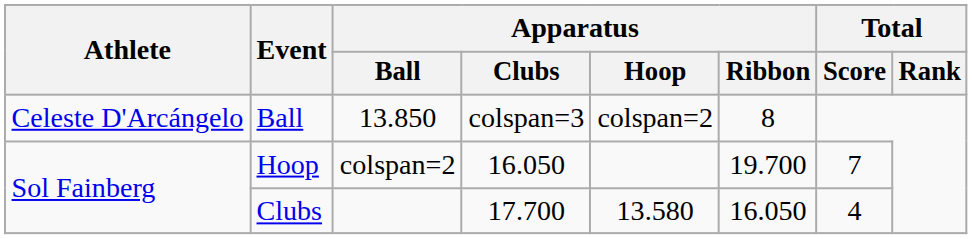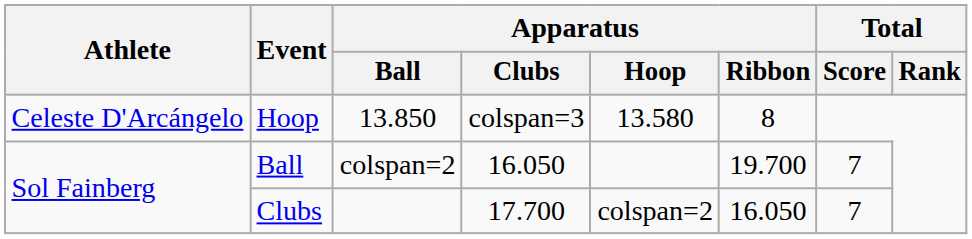 <table class="wikitable" style="font-size:90%;text-align:center">
 <tr>
 <th rowspan=2>Athlete</th>
 <th rowspan=2>Event</th>
 <th colspan=4>Apparatus</th>
 <th colspan=2>Total</th>
 </tr>
 <tr style=font-size:95%>
 <th>Ball</th>
 <th>Clubs</th>
 <th>Hoop</th>
 <th>Ribbon</th>
 <th>Score</th>
 <th>Rank</th>
 </tr>
 <tr>
 <td style="text-align:left"><a href='#'>Celeste D'Arcángelo</a></td>
-<td style="text-align:left"><a href='#'>Ball</a></td>
+<td style="text-align:left"><a href='#'>Hoop</a></td>
 <td>13.850</td>
 <td>colspan=3 </td>
-<td>colspan=2 </td>
+<td>13.580</td>
 <td>8</td>
 </tr>
 <tr>
 <td style="text-align:left" rowspan=2><a href='#'>Sol Fainberg</a></td>
-<td style="text-align:left"><a href='#'>Hoop</a></td>
+<td style="text-align:left"><a href='#'>Ball</a></td>
 <td>colspan=2 </td>
 <td>16.050</td>
 <td></td>
 <td>19.700</td>
 <td>7</td>
 </tr>
 <tr>
 <td style="text-align:left"><a href='#'>Clubs</a></td>
 <td></td>
 <td>17.700</td>
-<td>13.580</td>
+<td>colspan=2 </td>
 <td>16.050</td>
-<td>4</td>
+<td>7</td>
 </tr>
 </table>
